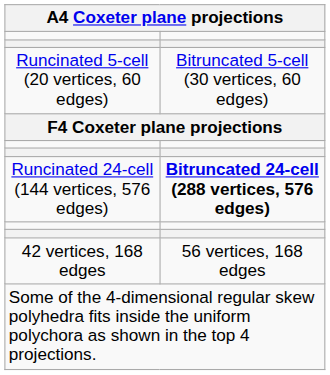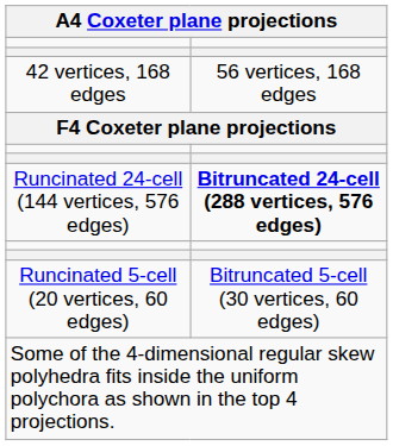 <table class=wikitable align=right width=300>
 <tr>
 <th colspan=2>A4 <a href='#'>Coxeter plane</a> projections</th>
 </tr>
 <tr align=center>
 <td></td>
 <td></td>
 </tr>
 <tr>
 <th></th>
 <th></th>
 </tr>
 <tr align=center>
-<td><a href='#'>Runcinated 5-cell</a><br>(20 vertices, 60 edges)</td>
-<td><a href='#'>Bitruncated 5-cell</a><br>(30 vertices, 60 edges)</td>
+<td>42 vertices, 168 edges</td>
+<td>56 vertices, 168 edges</td>
 </tr>
 <tr>
 <th colspan=2>F4 Coxeter plane projections</th>
 </tr>
 <tr align=center>
 <td></td>
 <td></td>
 </tr>
 <tr>
 <th></th>
 <th></th>
 </tr>
 <tr align=center>
 <td><a href='#'>Runcinated 24-cell</a><br>(144 vertices, 576 edges)</td>
 <td><strong><a href='#'>Bitruncated 24-cell</a><br>(288 vertices, 576 edges)</strong></td>
 </tr>
 <tr>
 <td></td>
 <td></td>
 </tr>
 <tr>
 <th></th>
 <th></th>
 </tr>
 <tr align=center>
-<td>42 vertices, 168 edges</td>
-<td>56 vertices, 168 edges</td>
+<td><a href='#'>Runcinated 5-cell</a><br>(20 vertices, 60 edges)</td>
+<td><a href='#'>Bitruncated 5-cell</a><br>(30 vertices, 60 edges)</td>
 </tr>
 <tr>
 <td colspan=2>Some of the 4-dimensional regular skew polyhedra fits inside the uniform polychora as shown in the top 4 projections.</td>
 </tr>
 </table>
